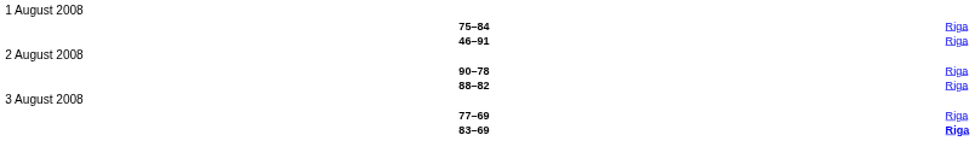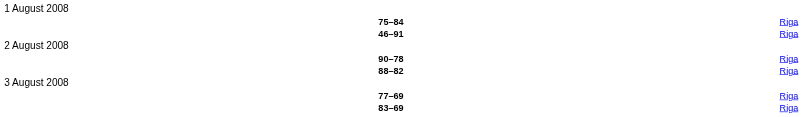 <table style="width:100%;" cellspacing="1">
 <tr>
 <th width=25%></th>
 <th width=3%></th>
 <th width=6%></th>
 <th width=3%></th>
 <th width=25%></th>
 </tr>
 <tr>
 <td>1 August 2008</td>
 </tr>
 <tr style=font-size:90%>
 <td align=right><strong></strong></td>
 <td></td>
 <td align=center><strong>75–84</strong></td>
 <td></td>
 <td><strong></strong></td>
 <td><a href='#'>Riga</a></td>
 </tr>
 <tr style=font-size:90%>
 <td align=right><strong></strong></td>
 <td></td>
 <td align=center><strong>46–91</strong></td>
 <td></td>
 <td><strong></strong></td>
 <td><a href='#'>Riga</a></td>
 </tr>
 <tr>
 <td>2 August 2008</td>
 </tr>
 <tr style=font-size:90%>
 <td align=right><strong></strong></td>
 <td></td>
 <td align=center><strong>90–78</strong></td>
 <td></td>
 <td><strong></strong></td>
 <td><a href='#'>Riga</a></td>
 </tr>
 <tr style=font-size:90%>
 <td align=right><strong></strong></td>
 <td></td>
 <td align=center><strong>88–82</strong></td>
 <td></td>
 <td><strong></strong></td>
 <td><a href='#'>Riga</a></td>
 </tr>
 <tr>
 <td>3 August 2008</td>
 </tr>
 <tr style=font-size:90%>
 <td align=right><strong></strong></td>
 <td></td>
 <td align=center><strong>77–69</strong></td>
 <td></td>
 <td><strong></strong></td>
 <td><a href='#'>Riga</a></td>
 </tr>
 <tr style=font-size:90%>
 <td align=right><strong></strong></td>
 <td></td>
 <td align=center><strong>83–69</strong></td>
 <td></td>
 <td><strong></strong></td>
-<td><strong><a href='#'>Riga</a></strong></td>
+<td><a href='#'>Riga</a></td>
 </tr>
 </table>
